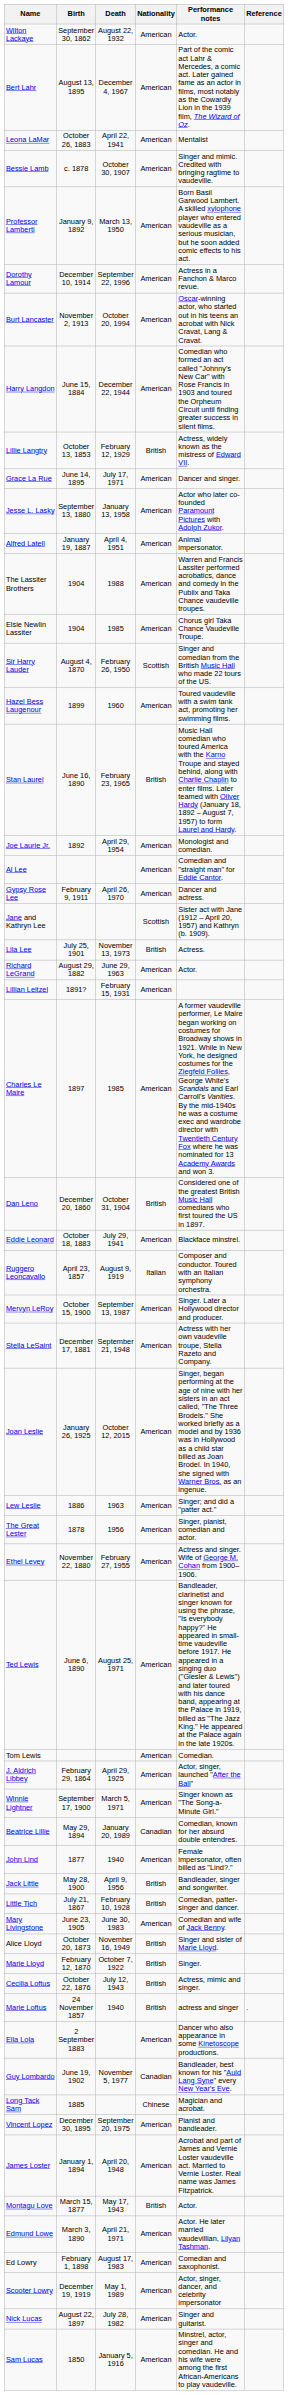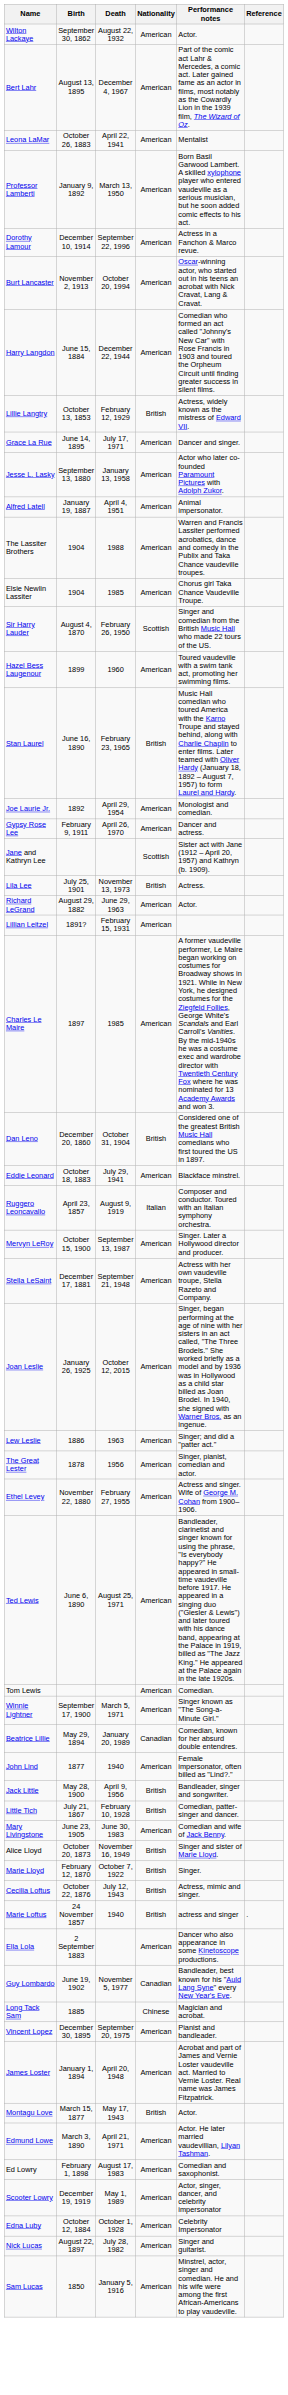 <table class="wikitable">
 <tr>
 <th width="24%">Name</th>
 <th width="13%">Birth</th>
 <th width="13%">Death</th>
 <th width="15%">Nationality</th>
 <th width="35%">Performance notes</th>
 <th width="1%">Reference</th>
 </tr>
 <tr>
 <td><a href='#'>Wilton Lackaye</a></td>
 <td align="center">September 30, 1862</td>
 <td align="center">August 22, 1932</td>
 <td align="center">American</td>
 <td>Actor.</td>
 <td></td>
 </tr>
 <tr>
 <td><a href='#'>Bert Lahr</a></td>
 <td align="center">August 13, 1895</td>
 <td align="center">December 4, 1967</td>
 <td align="center">American</td>
 <td>Part of the comic act Lahr & Mercedes, a comic act. Later gained fame as an actor in films, most notably as the Cowardly Lion in the 1939 film, <em><a href='#'>The Wizard of Oz</a></em>.</td>
 <td></td>
 </tr>
 <tr>
 <td><a href='#'>Leona LaMar</a></td>
 <td align="center">October 26, 1883</td>
 <td align="center">April 22, 1941</td>
 <td align="center">American</td>
 <td>Mentalist</td>
-<td></td>
-</tr>
-<tr>
-<td><a href='#'>Bessie Lamb</a></td>
-<td align="center">c. 1878</td>
-<td align="center">October 30, 1907</td>
-<td align="center">American</td>
-<td>Singer and mimic. Credited with bringing ragtime to vaudeville.</td>
 <td></td>
 </tr>
 <tr>
 <td><a href='#'>Professor Lamberti</a></td>
 <td align="center">January 9, 1892</td>
 <td align="center">March 13, 1950</td>
 <td align="center">American</td>
 <td>Born Basil Garwood Lambert.  A skilled <a href='#'>xylophone</a> player who entered vaudeville as a serious musician, but he soon added comic effects to his act.</td>
 <td></td>
 </tr>
 <tr>
 <td><a href='#'>Dorothy Lamour</a></td>
 <td align="center">December 10, 1914</td>
 <td align="center">September 22, 1996</td>
 <td align="center">American</td>
 <td>Actress in a Fanchon & Marco revue.</td>
 <td></td>
 </tr>
 <tr>
 <td><a href='#'>Burt Lancaster</a></td>
 <td align="center">November 2, 1913</td>
 <td align="center">October 20, 1994</td>
 <td align="center">American</td>
 <td><a href='#'>Oscar</a>-winning actor, who started out in his teens an acrobat with Nick Cravat, Lang & Cravat.</td>
 <td></td>
 </tr>
 <tr>
 <td><a href='#'>Harry Langdon</a></td>
 <td align="center">June 15, 1884</td>
 <td align="center">December 22, 1944</td>
 <td align="center">American</td>
 <td>Comedian who formed an act called "Johnny's New Car" with Rose Francis in 1903 and toured the Orpheum Circuit until finding greater success in silent films.</td>
 <td></td>
 </tr>
 <tr>
 <td><a href='#'>Lillie Langtry</a></td>
 <td align="center">October 13, 1853</td>
 <td align="center">February 12, 1929</td>
 <td align="center">British</td>
 <td>Actress, widely known as the mistress of <a href='#'>Edward VII</a>.</td>
 <td></td>
 </tr>
 <tr>
 <td><a href='#'>Grace La Rue</a></td>
 <td align="center">June 14, 1895</td>
 <td align="center">July 17, 1971</td>
 <td align="center">American</td>
 <td>Dancer and singer.</td>
 <td></td>
 </tr>
 <tr Gloria Parker>
 <td><a href='#'>Jesse L. Lasky</a></td>
 <td align="center">September 13, 1880</td>
 <td align="center">January 13, 1958</td>
 <td align="center">American</td>
 <td>Actor who later co-founded <a href='#'>Paramount Pictures</a> with <a href='#'>Adolph Zukor</a>.</td>
 <td></td>
 </tr>
 <tr>
 <td><a href='#'>Alfred Latell</a></td>
 <td align="center">January 19, 1887</td>
 <td align="center">April 4, 1951</td>
 <td align="center">American</td>
 <td>Animal impersonator.</td>
 <td></td>
 </tr>
 <tr>
 <td>The Lassiter Brothers</td>
 <td align="center">1904</td>
 <td align="center">1988</td>
 <td align="center">American</td>
 <td>Warren and Francis Lassiter performed acrobatics, dance and comedy in the Publix and Taka Chance vaudeville troupes.</td>
 <td></td>
 </tr>
 <tr>
 <td>Elsie Newlin Lassiter</td>
 <td align="center">1904</td>
 <td align="center">1985</td>
 <td align="center">American</td>
 <td>Chorus girl Taka Chance Vaudeville Troupe.</td>
 <td></td>
 </tr>
 <tr>
 <td><a href='#'>Sir Harry Lauder</a></td>
 <td align="center">August 4, 1870</td>
 <td align="center">February 26, 1950</td>
 <td align="center">Scottish</td>
 <td>Singer and comedian from the British <a href='#'>Music Hall</a> who made 22 tours of the US.</td>
 <td></td>
 </tr>
 <tr>
 <td><a href='#'>Hazel Bess Laugenour</a></td>
 <td align="center">1899</td>
 <td align="center">1960</td>
 <td align="center">American</td>
 <td>Toured vaudeville with a swim tank act, promoting her swimming films.</td>
 <td></td>
 </tr>
 <tr>
 <td><a href='#'>Stan Laurel</a></td>
 <td align="center">June 16, 1890</td>
 <td align="center">February 23, 1965</td>
 <td align="center">British</td>
 <td>Music Hall comedian who toured America with the <a href='#'>Karno</a> Troupe and stayed behind, along with <a href='#'>Charlie Chaplin</a> to enter films. Later teamed with <a href='#'>Oliver Hardy</a> (January 18, 1892 – August 7, 1957) to form <a href='#'>Laurel and Hardy</a>.</td>
 <td></td>
 </tr>
 <tr>
 <td><a href='#'>Joe Laurie Jr.</a></td>
 <td align="center">1892</td>
 <td align="center">April 29, 1954</td>
 <td align="center">American</td>
 <td>Monologist and comedian.</td>
-<td></td>
-</tr>
-<tr>
-<td><a href='#'>Al Lee</a></td>
-<td align="center"></td>
-<td align="center"></td>
-<td align="center">American</td>
-<td>Comedian and "straight man" for <a href='#'>Eddie Cantor</a>.</td>
 <td></td>
 </tr>
 <tr>
 <td><a href='#'>Gypsy Rose Lee</a></td>
 <td align="center">February 9, 1911</td>
 <td align="center">April 26, 1970</td>
 <td align="center">American</td>
 <td>Dancer and actress.</td>
 <td></td>
 </tr>
 <tr>
 <td><a href='#'>Jane</a> and Kathryn Lee</td>
 <td align="center"></td>
 <td align="center"></td>
 <td align="center">Scottish</td>
 <td>Sister act with Jane (1912 – April 20, 1957) and Kathryn (b. 1909).</td>
 <td></td>
 </tr>
 <tr>
 <td><a href='#'>Lila Lee</a></td>
 <td align="center">July 25, 1901</td>
 <td align="center">November 13, 1973</td>
 <td align="center">British</td>
 <td>Actress.</td>
 <td></td>
 </tr>
 <tr>
 <td><a href='#'>Richard LeGrand</a></td>
 <td align="center">August 29, 1882</td>
 <td align="center">June 29, 1963</td>
 <td align="center">American</td>
 <td>Actor.</td>
 <td></td>
 </tr>
 <tr>
 <td><a href='#'>Lillian Leitzel</a></td>
 <td align="center">1891?</td>
 <td align="center">February 15, 1931</td>
 <td align="center">American</td>
 <td Aerialist. Appeared with her mother in an aerial act called the "Leamy Ladies."></td>
 <td></td>
 </tr>
 <tr>
 <td><a href='#'>Charles Le Maire</a></td>
 <td align="center">1897</td>
 <td align="center">1985</td>
 <td align="center">American</td>
 <td>A former vaudeville performer, Le Maire began working on costumes for Broadway shows in 1921. While in New York, he designed costumes for the <a href='#'>Ziegfeld Follies</a>, George White's <em>Scandals</em> and Earl Carroll's <em>Vanities</em>. By the mid-1940s he was a costume exec and wardrobe director with <a href='#'>Twentieth Century Fox</a> where he was nominated for 13 <a href='#'>Academy Awards</a> and won 3.</td>
 <td></td>
 </tr>
 <tr>
 <td><a href='#'>Dan Leno</a></td>
 <td align="center">December 20, 1860</td>
 <td align="center">October 31, 1904</td>
 <td align="center">British</td>
 <td>Considered one of the greatest British <a href='#'>Music Hall</a> comedians who first toured the US in 1897.</td>
 <td></td>
 </tr>
 <tr>
 <td><a href='#'>Eddie Leonard</a></td>
 <td align="center">October 18, 1883</td>
 <td align="center">July 29, 1941</td>
 <td align="center">American</td>
 <td>Blackface minstrel.</td>
 <td></td>
 </tr>
 <tr>
 <td><a href='#'>Ruggero Leoncavallo</a></td>
 <td align="center">April 23, 1857</td>
 <td align="center">August 9, 1919</td>
 <td align="center">Italian</td>
 <td>Composer and conductor. Toured with an Italian symphony orchestra.</td>
 <td></td>
 </tr>
 <tr>
 <td><a href='#'>Mervyn LeRoy</a></td>
 <td align="center">October 15, 1900</td>
 <td align="center">September 13, 1987</td>
 <td align="center">American</td>
 <td>Singer. Later a Hollywood director and producer.</td>
 <td></td>
 </tr>
 <tr>
 <td><a href='#'>Stella LeSaint</a></td>
 <td align="center">December 17, 1881</td>
 <td align="center">September 21, 1948</td>
 <td align="center">American</td>
 <td>Actress with her own vaudeville troupe, Stella Razeto and Company.</td>
 <td></td>
 </tr>
 <tr>
 <td><a href='#'>Joan Leslie</a></td>
 <td align="center">January 26, 1925</td>
 <td align="center">October 12, 2015</td>
 <td align="center">American</td>
 <td>Singer, began performing at the age of nine with her sisters in an act called, "The Three Brodels." She worked briefly as a model and by 1936 was in Hollywood as a child star billed as Joan Brodel. In 1940, she signed with <a href='#'>Warner Bros.</a> as an ingenue.</td>
 <td></td>
 </tr>
 <tr>
 <td><a href='#'>Lew Leslie</a></td>
 <td align="center">1886</td>
 <td align="center">1963</td>
 <td align="center">American</td>
 <td>Singer; and did a "patter act."</td>
 <td></td>
 </tr>
 <tr>
 <td><a href='#'>The Great Lester</a></td>
 <td align="center">1878</td>
 <td align="center">1956</td>
 <td align="center">American</td>
 <td>Singer, pianist, comedian and actor.</td>
 <td></td>
 </tr>
 <tr>
 <td><a href='#'>Ethel Levey</a></td>
 <td align="center">November 22, 1880</td>
 <td align="center">February 27, 1955</td>
 <td align="center">American</td>
 <td>Actress and singer. Wife of <a href='#'>George M. Cohan</a> from 1900–1906.</td>
 <td></td>
 </tr>
 <tr>
 <td><a href='#'>Ted Lewis</a></td>
 <td align="center">June 6, 1890</td>
 <td align="center">August 25, 1971</td>
 <td align="center">American</td>
 <td>Bandleader, clarinetist and singer known for using the phrase, "Is everybody happy?" He appeared in small-time vaudeville before 1917. He appeared in a singing duo ("Giesler & Lewis") and later toured with his dance band, appearing at the Palace in 1919, billed as "The Jazz King." He appeared at the Palace again in the late 1920s.</td>
 <td></td>
 </tr>
 <tr>
 <td>Tom Lewis</td>
 <td align="center"></td>
 <td align="center"></td>
 <td align="center">American</td>
 <td>Comedian.</td>
-<td></td>
-</tr>
-<tr>
-<td><a href='#'>J. Aldrich Libbey</a></td>
-<td align="center">February 29, 1864</td>
-<td align="center">April 29, 1925</td>
-<td align="center">American</td>
-<td>Actor, singer, launched "<a href='#'>After the Ball</a>"</td>
 <td></td>
 </tr>
 <tr>
 <td><a href='#'>Winnie Lightner</a></td>
 <td align="center">September 17, 1900</td>
 <td align="center">March 5, 1971</td>
 <td align="center">American</td>
 <td>Singer known as "The Song-a-Minute Girl."</td>
 <td></td>
 </tr>
 <tr>
 <td><a href='#'>Beatrice Lillie</a></td>
 <td align="center">May 29, 1894</td>
 <td align="center">January 20, 1989</td>
 <td align="center">Canadian</td>
 <td>Comedian, known for her absurd double entendres.</td>
 <td></td>
 </tr>
 <tr>
 <td><a href='#'>John Lind</a></td>
 <td align="center">1877</td>
 <td align="center">1940</td>
 <td align="center">American</td>
 <td>Female impersonator, often billed as "Lind?."</td>
 <td></td>
 </tr>
 <tr>
 <td><a href='#'>Jack Little</a></td>
 <td align="center">May 28, 1900</td>
 <td align="center">April 9, 1956</td>
 <td align="center">British</td>
 <td>Bandleader, singer and songwriter.</td>
 <td></td>
 </tr>
 <tr>
 <td><a href='#'>Little Tich</a></td>
 <td align="center">July 21, 1867</td>
 <td align="center">February 10, 1928</td>
 <td align="center">British</td>
 <td>Comedian, patter-singer and dancer.</td>
 <td></td>
 </tr>
 <tr>
 <td><a href='#'>Mary Livingstone</a></td>
 <td align="center">June 23, 1905</td>
 <td align="center">June 30, 1983</td>
 <td align="center">American</td>
 <td>Comedian and wife of <a href='#'>Jack Benny</a>.</td>
 <td></td>
 </tr>
 <tr>
 <td>Alice Lloyd</td>
 <td align="center">October 20, 1873</td>
 <td align="center">November 16, 1949</td>
 <td align="center">British</td>
 <td>Singer and sister of <a href='#'>Marie Lloyd</a>.</td>
 <td></td>
 </tr>
 <tr>
 <td><a href='#'>Marie Lloyd</a></td>
 <td align="center">February 12, 1870</td>
 <td align="center">October 7, 1922</td>
 <td align="center">British</td>
 <td>Singer.</td>
 <td></td>
 </tr>
 <tr>
 <td><a href='#'>Cecilia Loftus</a></td>
 <td align="center">October 22, 1876</td>
 <td align="center">July 12, 1943</td>
 <td align="center">British</td>
 <td>Actress, mimic and singer.</td>
 <td></td>
 </tr>
 <tr>
 <td><a href='#'>Marie Loftus</a></td>
 <td align="center">24 November 1857</td>
 <td align="center">1940</td>
 <td align="center">British</td>
 <td>actress and singer</td>
 <td>.</td>
 </tr>
 <tr>
 <td><a href='#'>Ella Lola</a></td>
 <td align="center">2 September 1883</td>
 <td align="center"></td>
 <td align="center">American</td>
 <td>Dancer who also appearance in some <a href='#'>Kinetoscope</a> productions.</td>
 <td></td>
 </tr>
 <tr>
 <td><a href='#'>Guy Lombardo</a></td>
 <td align="center">June 19, 1902</td>
 <td align="center">November 5, 1977</td>
 <td align="center">Canadian</td>
 <td>Bandleader, best known for his "<a href='#'>Auld Lang Syne</a>" every <a href='#'>New Year's Eve</a>.</td>
 <td></td>
 </tr>
 <tr>
 <td><a href='#'>Long Tack Sam</a></td>
 <td align="center">1885</td>
 <td align="center"></td>
 <td align="center">Chinese</td>
 <td>Magician and acrobat.</td>
 <td></td>
 </tr>
 <tr>
 <td><a href='#'>Vincent Lopez</a></td>
 <td align="center">December 30, 1895</td>
 <td align="center">September 20, 1975</td>
 <td align="center">American</td>
 <td>Pianist and bandleader.</td>
 <td></td>
 </tr>
 <tr>
 <td><a href='#'>James Loster</a></td>
 <td align="center">January 1, 1894</td>
 <td align="center">April 20, 1948</td>
 <td align="center">American</td>
 <td>Acrobat and part of James and Vernie Loster vaudeville act. Married to Vernie Loster. Real name was James Fitzpatrick.</td>
 <td></td>
 </tr>
 <tr>
 <td><a href='#'>Montagu Love</a></td>
 <td align="center">March 15, 1877</td>
 <td align="center">May 17, 1943</td>
 <td align="center">British</td>
 <td>Actor.</td>
 <td></td>
 </tr>
 <tr>
 <td><a href='#'>Edmund Lowe</a></td>
 <td align="center">March 3, 1890</td>
 <td align="center">April 21, 1971</td>
 <td align="center">American</td>
 <td>Actor. He later married vaudevillian, <a href='#'>Lilyan Tashman</a>.</td>
 <td></td>
 </tr>
 <tr>
 <td>Ed Lowry</td>
 <td align="center">February 1, 1898</td>
 <td align="center">August 17, 1983</td>
 <td align="center">American</td>
 <td>Comedian and saxophonist.</td>
 <td></td>
 </tr>
 <tr>
 <td><a href='#'>Scooter Lowry</a></td>
 <td align="center">December 19, 1919</td>
 <td align="center">May 1, 1989</td>
 <td align="center">American</td>
 <td>Actor, singer, dancer, and celebrity impersonator</td>
 <td></td>
 </tr>
 <tr>
+<td><a href='#'>Edna Luby</a></td>
+<td align="center">October 12, 1884</td>
+<td align="center">October 1, 1928</td>
+<td align="center">American</td>
+<td>Celebrity Impersonator</td>
+<td></td>
+</tr>
+<tr>
 <td><a href='#'>Nick Lucas</a></td>
 <td align="center">August 22, 1897</td>
 <td align="center">July 28, 1982</td>
 <td align="center">American</td>
 <td>Singer and guitarist.</td>
 <td></td>
 </tr>
 <tr>
 <td><a href='#'>Sam Lucas</a></td>
 <td align="center">1850</td>
 <td align="center">January 5, 1916</td>
 <td align="center">American</td>
 <td>Minstrel, actor, singer and comedian. He and his wife were among the first African-Americans to play vaudeville.</td>
 <td></td>
 </tr>
 </table>
